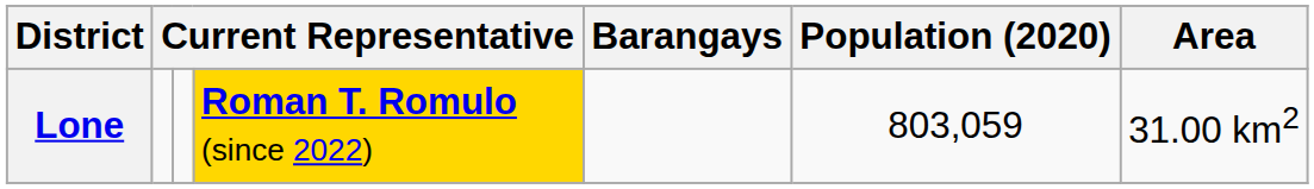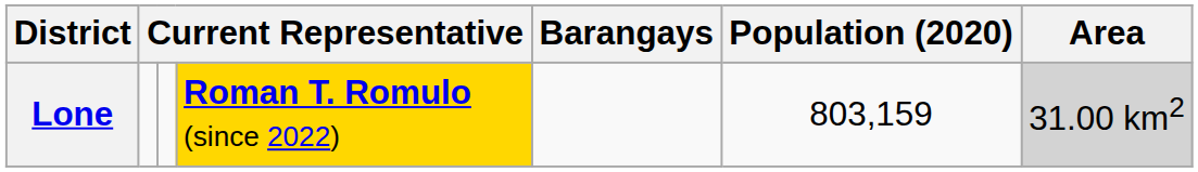 <table class="wikitable sortable" style="margin: 1em auto; font-size:100%; line-height:20px; text-align:center">
 <tr>
 <th>District</th>
 <th colspan="3">Current Representative</th>
 <th>Barangays</th>
 <th>Population (2020)</th>
 <th>Area</th>
 </tr>
 <tr>
 <th><a href='#'>Lone</a></th>
 <td style="background:"></td>
 <td></td>
 <td style="background: gold; text-align:left;"><strong><a href='#'>Roman T. Romulo</a></strong><br><small>(since <a href='#'>2022</a>)</small></td>
 <td></td>
-<td>803,059</td>
-<td>31.00 km<sup>2</sup></td>
+<td>803,159</td>
+<td style="background: lightgrey;">31.00 km<sup>2</sup></td>
 </tr>
 </table>
